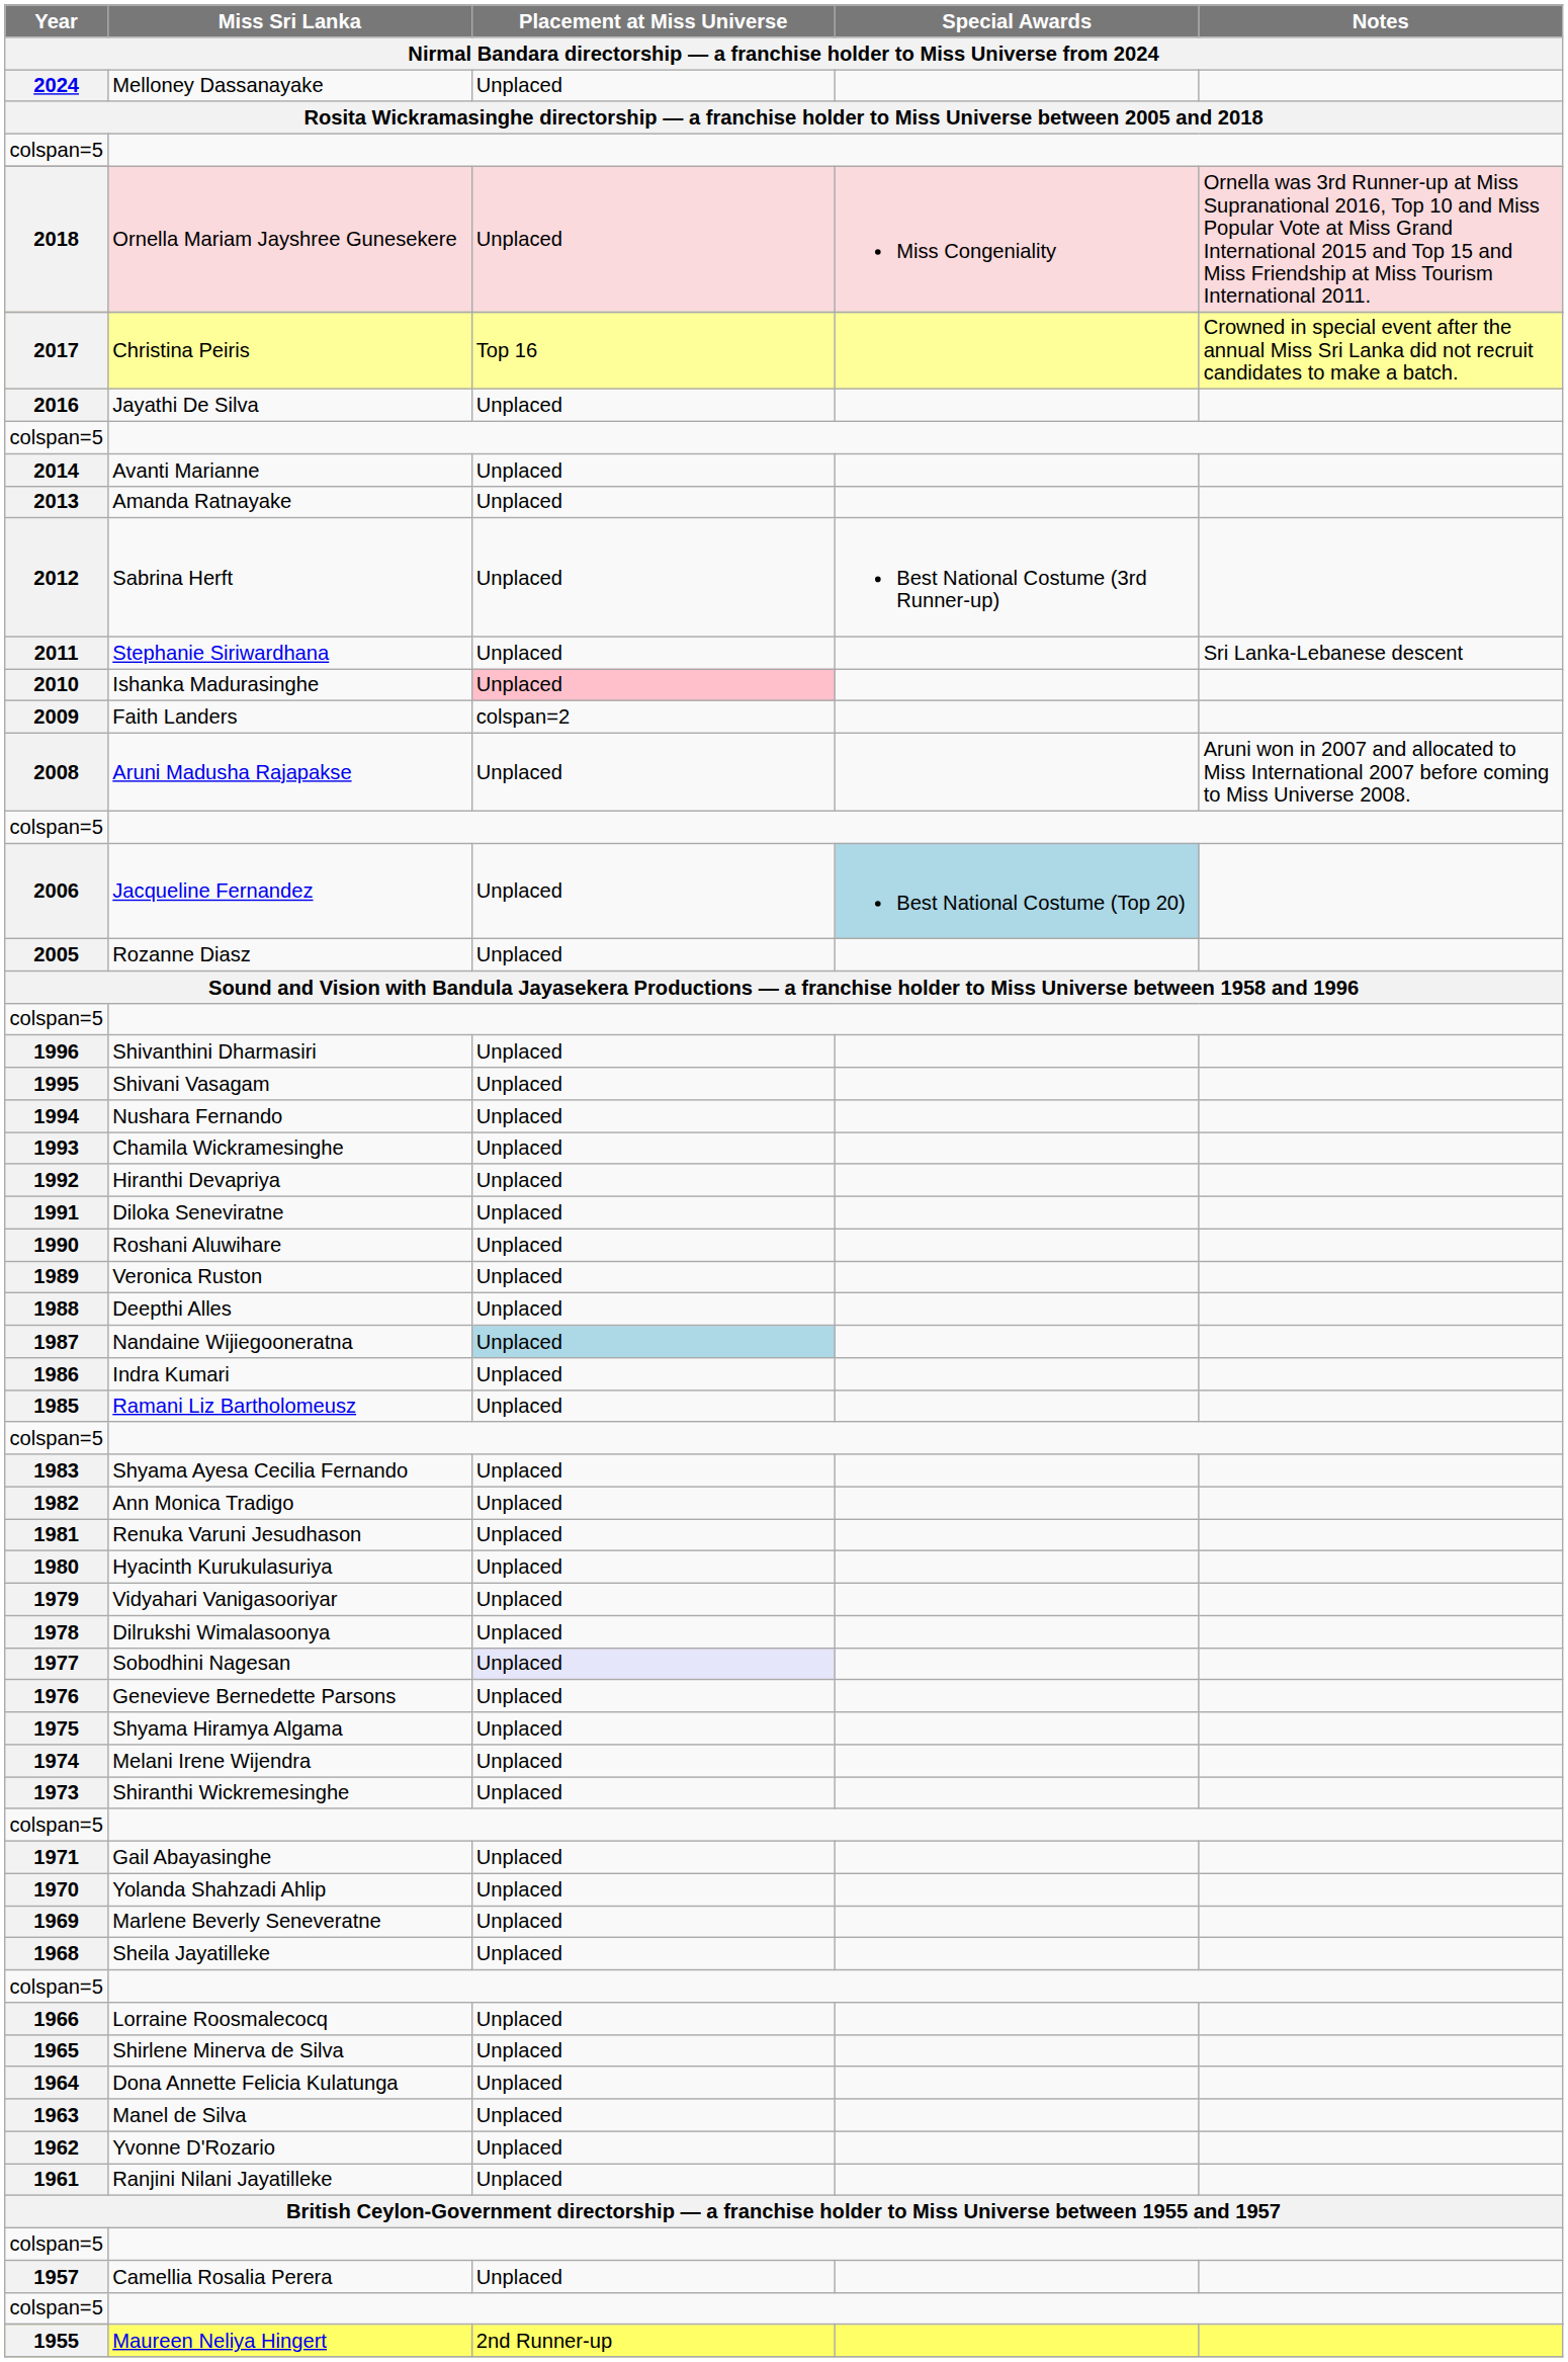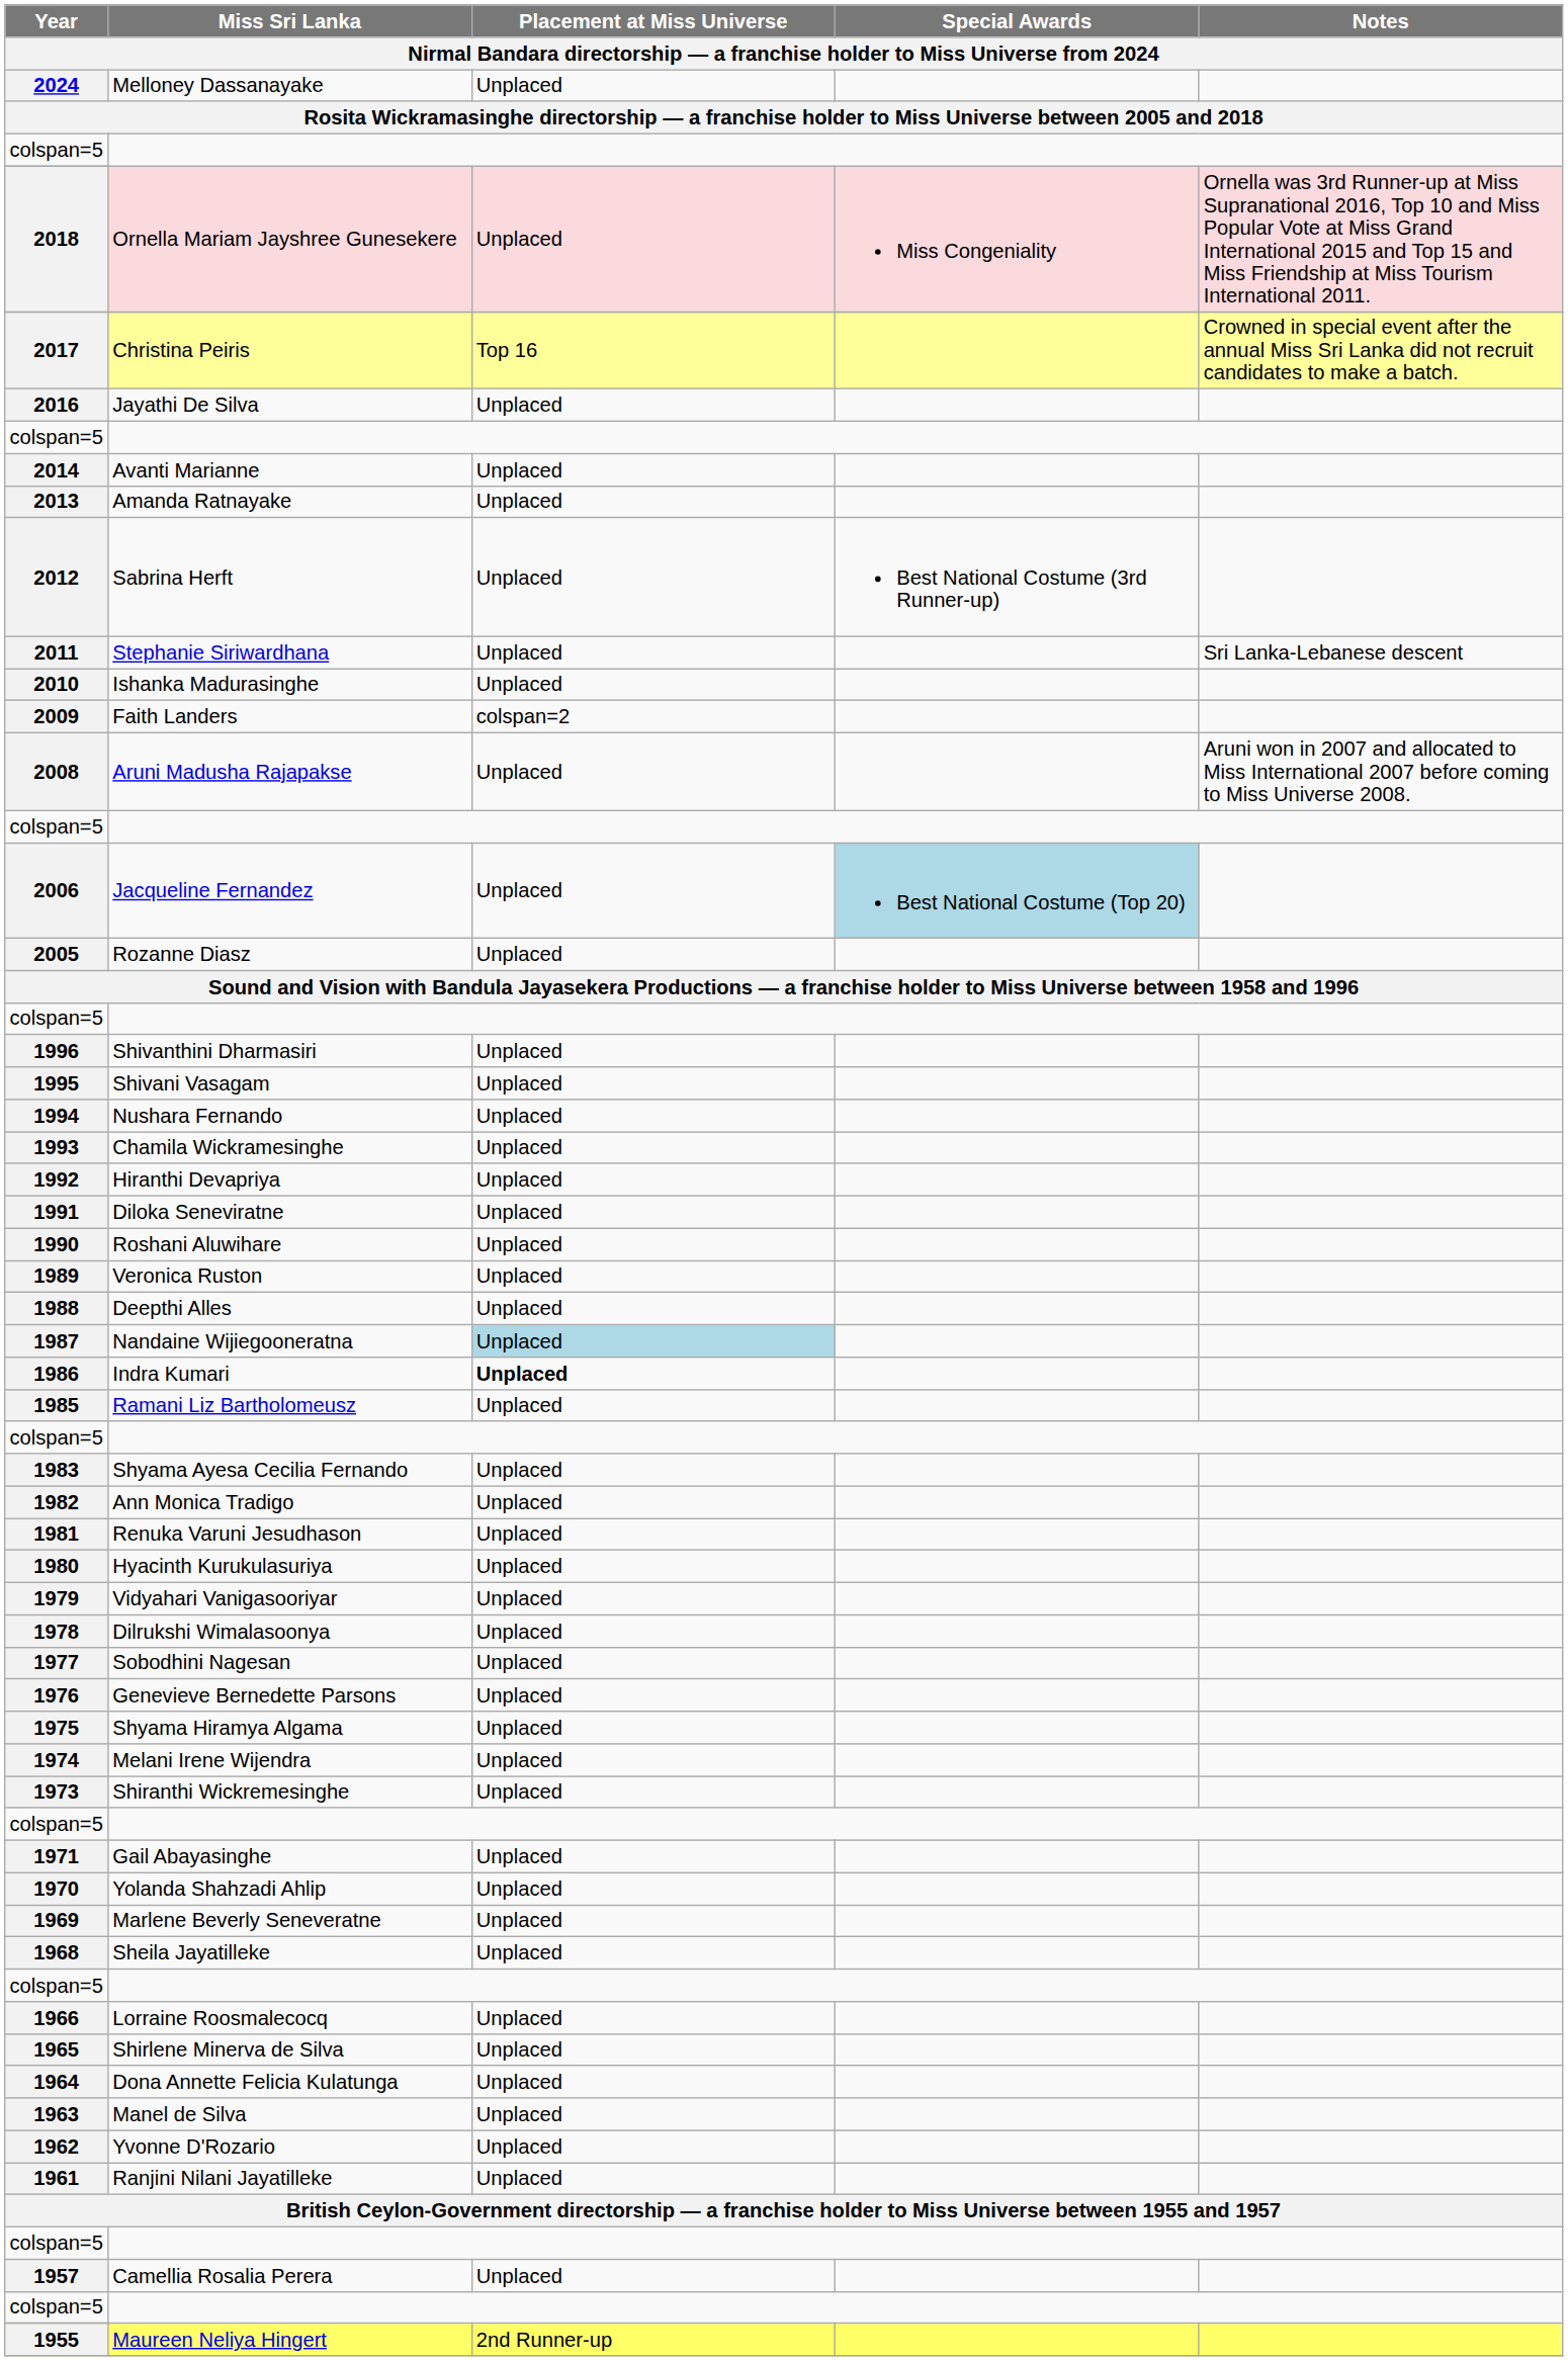 <table class="wikitable " style="font-size: 90%;">
 <tr>
 <th width="60" style="background-color:#787878;color:#FFFFFF;">Year</th>
 <th width="250" style="background-color:#787878;color:#FFFFFF;">Miss Sri Lanka</th>
 <th width="250" style="background-color:#787878;color:#FFFFFF;">Placement at Miss Universe</th>
 <th width="250" style="background-color:#787878;color:#FFFFFF;">Special Awards</th>
 <th width="250" style="background-color:#787878;color:#FFFFFF;">Notes</th>
 </tr>
 <tr>
 <th colspan="6">Nirmal Bandara directorship — a franchise holder to Miss Universe from 2024</th>
 </tr>
 <tr>
 <th><a href='#'>2024</a></th>
 <td>Melloney Dassanayake</td>
 <td>Unplaced</td>
 <td></td>
 <td></td>
 </tr>
 <tr>
 <th colspan="6">Rosita Wickramasinghe directorship — a franchise holder to Miss Universe between 2005 and 2018</th>
 </tr>
 <tr>
 <td>colspan=5 </td>
 </tr>
 <tr>
 </tr>
 <tr style="background-color:#FADADD;">
 <th>2018</th>
 <td>Ornella Mariam Jayshree Gunesekere</td>
 <td>Unplaced</td>
 <td align="left"><br><ul><li>Miss Congeniality</li></ul></td>
 <td>Ornella was 3rd Runner-up at Miss Supranational 2016, Top 10 and Miss Popular Vote at Miss Grand International 2015 and Top 15 and Miss Friendship at  Miss Tourism International 2011.</td>
 </tr>
 <tr>
 </tr>
 <tr style="background-color:#FFFF99;">
 <th>2017</th>
 <td>Christina Peiris</td>
 <td>Top 16</td>
 <td></td>
 <td>Crowned in special event after the annual Miss Sri Lanka did not recruit candidates to make a batch.</td>
 </tr>
 <tr>
 <th>2016</th>
 <td>Jayathi De Silva</td>
 <td>Unplaced</td>
 <td></td>
 <td></td>
 </tr>
 <tr>
 <td>colspan=5 </td>
 </tr>
 <tr>
 <th>2014</th>
 <td>Avanti Marianne</td>
 <td>Unplaced</td>
 <td></td>
 <td></td>
 </tr>
 <tr>
 <th>2013</th>
 <td>Amanda Ratnayake</td>
 <td>Unplaced</td>
 <td></td>
 <td></td>
 </tr>
 <tr>
 <th>2012</th>
 <td>Sabrina Herft</td>
 <td>Unplaced</td>
 <td align="left"><br><ul><li>Best National Costume (3rd Runner-up)</li></ul></td>
 <td></td>
 </tr>
 <tr>
 <th>2011</th>
 <td><a href='#'>Stephanie Siriwardhana</a></td>
 <td>Unplaced</td>
 <td></td>
 <td>Sri Lanka-Lebanese descent</td>
 </tr>
 <tr>
 <th>2010</th>
 <td>Ishanka Madurasinghe</td>
-<td style="background: pink;">Unplaced</td>
+<td>Unplaced</td>
 <td></td>
 <td></td>
 </tr>
 <tr>
 <th>2009</th>
 <td>Faith Landers</td>
 <td>colspan=2 </td>
 <td></td>
 </tr>
 <tr>
 <th>2008</th>
 <td><a href='#'>Aruni Madusha Rajapakse</a></td>
 <td>Unplaced</td>
 <td></td>
 <td>Aruni won in 2007 and allocated to Miss International 2007 before coming to Miss Universe 2008.</td>
 </tr>
 <tr>
 <td>colspan=5 </td>
 </tr>
 <tr>
 <th>2006</th>
 <td><a href='#'>Jacqueline Fernandez</a></td>
 <td>Unplaced</td>
 <td align="left" style="background: lightblue;"><br><ul><li>Best National Costume (Top 20)</li></ul></td>
 <td></td>
 </tr>
 <tr>
 <th>2005</th>
 <td>Rozanne Diasz</td>
 <td>Unplaced</td>
 <td></td>
 <td></td>
 </tr>
 <tr>
 <th colspan="6">Sound and Vision with Bandula Jayasekera Productions — a franchise holder to Miss Universe between 1958 and 1996</th>
 </tr>
 <tr>
 <td>colspan=5 </td>
 </tr>
 <tr>
 <th>1996</th>
 <td>Shivanthini Dharmasiri</td>
 <td>Unplaced</td>
 <td></td>
 <td></td>
 </tr>
 <tr>
 <th>1995</th>
 <td>Shivani Vasagam</td>
 <td>Unplaced</td>
 <td></td>
 <td></td>
 </tr>
 <tr>
 <th>1994</th>
 <td>Nushara Fernando</td>
 <td>Unplaced</td>
 <td></td>
 <td></td>
 </tr>
 <tr>
 <th>1993</th>
 <td>Chamila Wickramesinghe</td>
 <td>Unplaced</td>
 <td></td>
 <td></td>
 </tr>
 <tr>
 <th>1992</th>
 <td>Hiranthi Devapriya</td>
 <td>Unplaced</td>
 <td></td>
 <td></td>
 </tr>
 <tr>
 <th>1991</th>
 <td>Diloka Seneviratne</td>
 <td>Unplaced</td>
 <td></td>
 <td></td>
 </tr>
 <tr>
 <th>1990</th>
 <td>Roshani Aluwihare</td>
 <td>Unplaced</td>
 <td></td>
 <td></td>
 </tr>
 <tr>
 <th>1989</th>
 <td>Veronica Ruston</td>
 <td>Unplaced</td>
 <td></td>
 <td></td>
 </tr>
 <tr>
 <th>1988</th>
 <td>Deepthi Alles</td>
 <td>Unplaced</td>
 <td></td>
 <td></td>
 </tr>
 <tr>
 <th>1987</th>
 <td>Nandaine Wijiegooneratna</td>
 <td style="background: lightblue;">Unplaced</td>
 <td></td>
 <td></td>
 </tr>
 <tr>
 <th>1986</th>
 <td>Indra Kumari</td>
-<td>Unplaced</td>
+<td><strong>Unplaced</strong></td>
 <td></td>
 <td></td>
 </tr>
 <tr>
 <th>1985</th>
 <td><a href='#'>Ramani Liz Bartholomeusz</a></td>
 <td>Unplaced</td>
 <td></td>
 <td></td>
 </tr>
 <tr>
 <td>colspan=5 </td>
 </tr>
 <tr>
 <th>1983</th>
 <td>Shyama Ayesa Cecilia Fernando</td>
 <td>Unplaced</td>
 <td></td>
 <td></td>
 </tr>
 <tr>
 <th>1982</th>
 <td>Ann Monica Tradigo</td>
 <td>Unplaced</td>
 <td></td>
 <td></td>
 </tr>
 <tr>
 <th>1981</th>
 <td>Renuka Varuni Jesudhason</td>
 <td>Unplaced</td>
 <td></td>
 <td></td>
 </tr>
 <tr>
 <th>1980</th>
 <td>Hyacinth Kurukulasuriya</td>
 <td>Unplaced</td>
 <td></td>
 <td></td>
 </tr>
 <tr>
 <th>1979</th>
 <td>Vidyahari Vanigasooriyar</td>
 <td>Unplaced</td>
 <td></td>
 <td></td>
 </tr>
 <tr>
 <th>1978</th>
 <td>Dilrukshi Wimalasoonya</td>
 <td>Unplaced</td>
 <td></td>
 <td></td>
 </tr>
 <tr>
 <th>1977</th>
 <td>Sobodhini Nagesan</td>
-<td style="background: lavender;">Unplaced</td>
+<td>Unplaced</td>
 <td></td>
 <td></td>
 </tr>
 <tr>
 <th>1976</th>
 <td>Genevieve Bernedette Parsons</td>
 <td>Unplaced</td>
 <td></td>
 <td></td>
 </tr>
 <tr>
 <th>1975</th>
 <td>Shyama Hiramya Algama</td>
 <td>Unplaced</td>
 <td></td>
 <td></td>
 </tr>
 <tr>
 <th>1974</th>
 <td>Melani Irene Wijendra</td>
 <td>Unplaced</td>
 <td></td>
 <td></td>
 </tr>
 <tr>
 <th>1973</th>
 <td>Shiranthi Wickremesinghe</td>
 <td>Unplaced</td>
 <td></td>
 <td></td>
 </tr>
 <tr>
 <td>colspan=5 </td>
 </tr>
 <tr>
 <th>1971</th>
 <td>Gail Abayasinghe</td>
 <td>Unplaced</td>
 <td></td>
 <td></td>
 </tr>
 <tr>
 <th>1970</th>
 <td>Yolanda Shahzadi Ahlip</td>
 <td>Unplaced</td>
 <td></td>
 <td></td>
 </tr>
 <tr>
 <th>1969</th>
 <td>Marlene Beverly Seneveratne</td>
 <td>Unplaced</td>
 <td></td>
 <td></td>
 </tr>
 <tr>
 <th>1968</th>
 <td>Sheila Jayatilleke</td>
 <td>Unplaced</td>
 <td></td>
 <td></td>
 </tr>
 <tr>
 <td>colspan=5 </td>
 </tr>
 <tr>
 <th>1966</th>
 <td>Lorraine Roosmalecocq</td>
 <td>Unplaced</td>
 <td></td>
 <td></td>
 </tr>
 <tr>
 <th>1965</th>
 <td>Shirlene Minerva de Silva</td>
 <td>Unplaced</td>
 <td></td>
 <td></td>
 </tr>
 <tr>
 <th>1964</th>
 <td>Dona Annette Felicia Kulatunga</td>
 <td>Unplaced</td>
 <td></td>
 <td></td>
 </tr>
 <tr>
 <th>1963</th>
 <td>Manel de Silva</td>
 <td>Unplaced</td>
 <td></td>
 <td></td>
 </tr>
 <tr>
 <th>1962</th>
 <td>Yvonne D'Rozario</td>
 <td>Unplaced</td>
 <td></td>
 <td></td>
 </tr>
 <tr>
 <th>1961</th>
 <td>Ranjini Nilani Jayatilleke</td>
 <td>Unplaced</td>
 <td></td>
 <td></td>
 </tr>
 <tr>
 <th colspan="5">British Ceylon-Government directorship — a franchise holder to Miss Universe between 1955 and 1957</th>
 </tr>
 <tr>
 <td>colspan=5 </td>
 </tr>
 <tr>
 <th>1957</th>
 <td>Camellia Rosalia Perera</td>
 <td>Unplaced</td>
 <td></td>
 <td></td>
 </tr>
 <tr>
 <td>colspan=5 </td>
 </tr>
 <tr>
 </tr>
 <tr style="background-color:#FFFF66;">
 <th>1955</th>
 <td><a href='#'>Maureen Neliya Hingert</a></td>
 <td>2nd Runner-up</td>
 <td></td>
 <td></td>
 </tr>
 <tr>
 </tr>
 </table>
